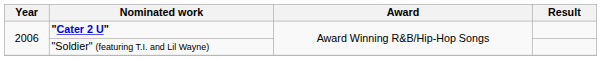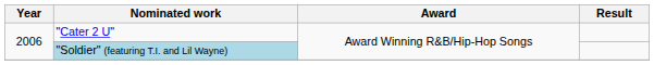 <table class="wikitable" style="width:70%;">
 <tr>
 <th style="width:3%;">Year</th>
 <th style="width:20%;">Nominated work</th>
 <th style="width:23%;">Award</th>
 <th style="width:5%;">Result</th>
 </tr>
 <tr>
 <td align="center" rowspan="2">2006</td>
-<td><strong>"<a href='#'>Cater 2 U</a>"</strong></td>
+<td>"<a href='#'>Cater 2 U</a>"</td>
 <td style="text-align:center;" rowspan="2">Award Winning R&B/Hip-Hop Songs</td>
 <td></td>
 </tr>
 <tr>
-<td>"Soldier" <small>(featuring T.I. and Lil Wayne)</small></td>
+<td style="background: lightblue;">"Soldier" <small>(featuring T.I. and Lil Wayne)</small></td>
 <td></td>
 </tr>
 <tr>
 </tr>
 </table>
